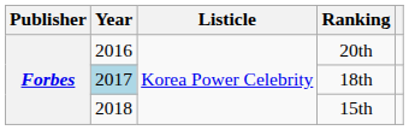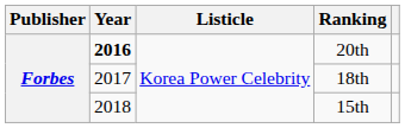 <table class="wikitable plainrowheaders">
 <tr>
 <th scope="col">Publisher</th>
 <th scope="col">Year</th>
 <th scope="col">Listicle</th>
 <th scope="col">Ranking</th>
 <th scope="col"></th>
 </tr>
 <tr>
 <th scope="row" rowspan="3"><em><a href='#'>Forbes</a></em></th>
-<td style="text-align:center">2016</td>
+<td style="text-align:center"><strong>2016</strong></td>
 <td rowspan="3"><a href='#'>Korea Power Celebrity</a></td>
 <td style="text-align:center">20th</td>
 <td style="text-align:center"></td>
 </tr>
 <tr>
-<td style="background: lightblue; text-align:center">2017</td>
+<td style="text-align:center">2017</td>
 <td style="text-align:center">18th</td>
 <td style="text-align:center"></td>
 </tr>
 <tr>
 <td style="text-align:center">2018</td>
 <td style="text-align:center">15th</td>
 <td style="text-align:center"></td>
 </tr>
 </table>
